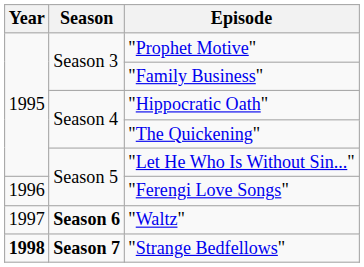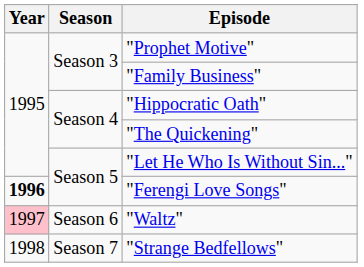 <table class="wikitable sortable plainrowheaders" style="white-space:nowrap">
 <tr>
 <th>Year</th>
 <th>Season</th>
 <th>Episode</th>
 </tr>
 <tr>
 <td rowspan="5">1995</td>
 <td rowspan="2">Season 3</td>
 <td>"<a href='#'>Prophet Motive</a>"</td>
 </tr>
 <tr>
 <td>"<a href='#'>Family Business</a>"</td>
 </tr>
 <tr>
 <td rowspan="2">Season 4</td>
 <td>"<a href='#'>Hippocratic Oath</a>"</td>
 </tr>
 <tr>
 <td>"<a href='#'>The Quickening</a>"</td>
 </tr>
 <tr>
 <td rowspan="2">Season 5</td>
 <td>"<a href='#'>Let He Who Is Without Sin...</a>"</td>
 </tr>
 <tr>
-<td>1996</td>
+<td><strong>1996</strong></td>
 <td>"<a href='#'>Ferengi Love Songs</a>"</td>
 </tr>
 <tr>
-<td>1997</td>
-<td><strong>Season 6</strong></td>
+<td style="background: pink;">1997</td>
+<td>Season 6</td>
 <td>"<a href='#'>Waltz</a>"</td>
 </tr>
 <tr>
-<td><strong>1998</strong></td>
-<td><strong>Season 7</strong></td>
+<td>1998</td>
+<td>Season 7</td>
 <td>"<a href='#'>Strange Bedfellows</a>"</td>
 </tr>
 </table>
